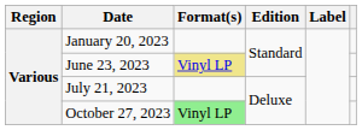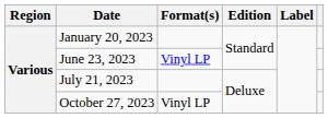 <table class="wikitable plainrowheaders">
 <tr>
 <th scope="col">Region</th>
 <th scope="col">Date</th>
 <th scope="col">Format(s)</th>
 <th scope="col">Edition</th>
 <th scope="col">Label</th>
 <th scope="col"></th>
 </tr>
 <tr>
 <th rowspan="4" scope="row">Various</th>
 <td>January 20, 2023</td>
 <td></td>
 <td rowspan="2">Standard</td>
 <td rowspan="4"></td>
 <td align="center"></td>
 </tr>
 <tr>
 <td>June 23, 2023</td>
-<td style="background: khaki;"><a href='#'>Vinyl LP</a></td>
+<td><a href='#'>Vinyl LP</a></td>
 <td align="center"></td>
 </tr>
 <tr>
 <td>July 21, 2023</td>
 <td></td>
 <td rowspan="2">Deluxe</td>
 <td align="center"></td>
 </tr>
 <tr>
 <td>October 27, 2023</td>
-<td style="background: lightgreen;">Vinyl LP</td>
+<td>Vinyl LP</td>
 <td align="center"></td>
 </tr>
 </table>
